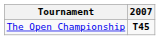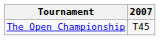 <table class="wikitable" style="font-size:95%;text-align:center;">
 <tr>
 <th>Tournament</th>
 <th>2007</th>
 </tr>
 <tr>
 <td align=left><a href='#'>The Open Championship</a></td>
-<td><strong>T45</strong></td>
+<td>T45</td>
 </tr>
 </table>
